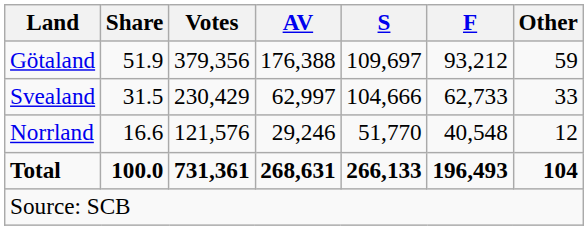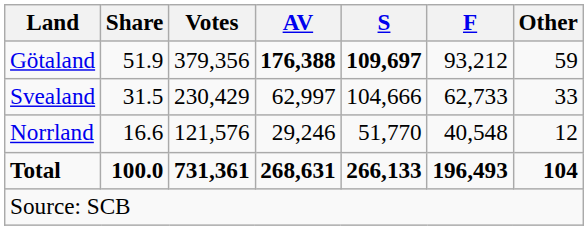 <table class="wikitable sortable" style=text-align:right>
 <tr>
 <th>Land</th>
 <th>Share</th>
 <th>Votes</th>
 <th><a href='#'>AV</a></th>
 <th><a href='#'>S</a></th>
 <th><a href='#'>F</a></th>
 <th>Other</th>
 </tr>
 <tr>
 <td align=left><a href='#'>Götaland</a></td>
 <td>51.9</td>
 <td>379,356</td>
-<td>176,388</td>
-<td>109,697</td>
+<td><strong>176,388</strong></td>
+<td><strong>109,697</strong></td>
 <td>93,212</td>
 <td>59</td>
 </tr>
 <tr>
 <td align=left><a href='#'>Svealand</a></td>
 <td>31.5</td>
 <td>230,429</td>
 <td>62,997</td>
 <td>104,666</td>
 <td>62,733</td>
 <td>33</td>
 </tr>
 <tr>
 <td align=left><a href='#'>Norrland</a></td>
 <td>16.6</td>
 <td>121,576</td>
 <td>29,246</td>
 <td>51,770</td>
 <td>40,548</td>
 <td>12</td>
 </tr>
 <tr>
 <td align=left><strong>Total</strong></td>
 <td><strong>100.0</strong></td>
 <td><strong>731,361</strong></td>
 <td><strong>268,631</strong></td>
 <td><strong>266,133</strong></td>
 <td><strong>196,493</strong></td>
 <td><strong>104</strong></td>
 </tr>
 <tr>
 <td align=left colspan=7>Source: SCB </td>
 </tr>
 </table>
